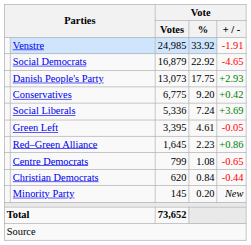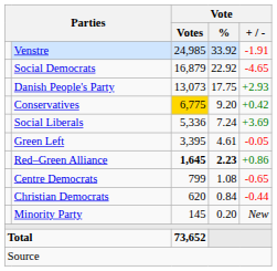 <table class="wikitable" style="text-align:right;">
 <tr>
 <th style="text-align:centre;" rowspan="2" colspan="2" width="225">Parties</th>
 <th colspan="3">Vote</th>
 </tr>
 <tr>
 <th width="15">Votes</th>
 <th width="15">%</th>
 <th width="15">+ / -</th>
 </tr>
 <tr>
 <td width="2" style="color:inherit;background:"></td>
 <td bgcolor=#cfe5fe  align="left"><a href='#'>Venstre</a></td>
 <td bgcolor=#cfe5fe>24,985</td>
 <td bgcolor=#cfe5fe>33.92</td>
 <td style=color:red;>-1.91</td>
 </tr>
 <tr>
 <td width="2" style="color:inherit;background:"></td>
 <td align="left"><a href='#'>Social Democrats</a></td>
 <td>16,879</td>
 <td>22.92</td>
 <td style=color:red;>-4.65</td>
 </tr>
 <tr>
 <td width="2" style="color:inherit;background:"></td>
 <td align="left"><a href='#'>Danish People's Party</a></td>
 <td>13,073</td>
 <td>17.75</td>
 <td style=color:green;>+2.93</td>
 </tr>
 <tr>
 <td width="2" style="color:inherit;background:"></td>
 <td align="left"><a href='#'>Conservatives</a></td>
-<td>6,775</td>
+<td style="background: gold;">6,775</td>
 <td>9.20</td>
 <td style=color:green;>+0.42</td>
 </tr>
 <tr>
 <td width="2" style="color:inherit;background:"></td>
 <td align="left"><a href='#'>Social Liberals</a></td>
 <td>5,336</td>
 <td>7.24</td>
 <td style=color:green;>+3.69</td>
 </tr>
 <tr>
 <td width="2" style="color:inherit;background:"></td>
 <td align="left"><a href='#'>Green Left</a></td>
 <td>3,395</td>
 <td>4.61</td>
 <td style=color:red;>-0.05</td>
 </tr>
 <tr>
 <td width="2" style="color:inherit;background:"></td>
 <td align="left"><a href='#'>Red–Green Alliance</a></td>
-<td>1,645</td>
-<td>2.23</td>
+<td><strong>1,645</strong></td>
+<td><strong>2.23</strong></td>
 <td style=color:green;>+0.86</td>
 </tr>
 <tr>
 <td width="2" style="color:inherit;background:"></td>
 <td align="left"><a href='#'>Centre Democrats</a></td>
 <td>799</td>
 <td>1.08</td>
 <td style=color:red;>-0.65</td>
 </tr>
 <tr>
 <td width="2" style="color:inherit;background:"></td>
 <td align="left"><a href='#'>Christian Democrats</a></td>
 <td>620</td>
 <td>0.84</td>
 <td style=color:red;>-0.44</td>
 </tr>
 <tr>
 <td width="2" style="color:inherit;background:"></td>
 <td align="left"><a href='#'>Minority Party</a></td>
 <td>145</td>
 <td>0.20</td>
 <td><em>New</em></td>
 </tr>
 <tr>
 <td colspan="7" bgcolor="#E9E9E9"></td>
 </tr>
 <tr>
 <td align="left" colspan="2"><strong>Total</strong></td>
 <td><strong>73,652</strong></td>
 <td bgcolor="#E9E9E9" colspan="2"></td>
 </tr>
 <tr>
 <td align="left" colspan="6">Source</td>
 </tr>
 </table>
